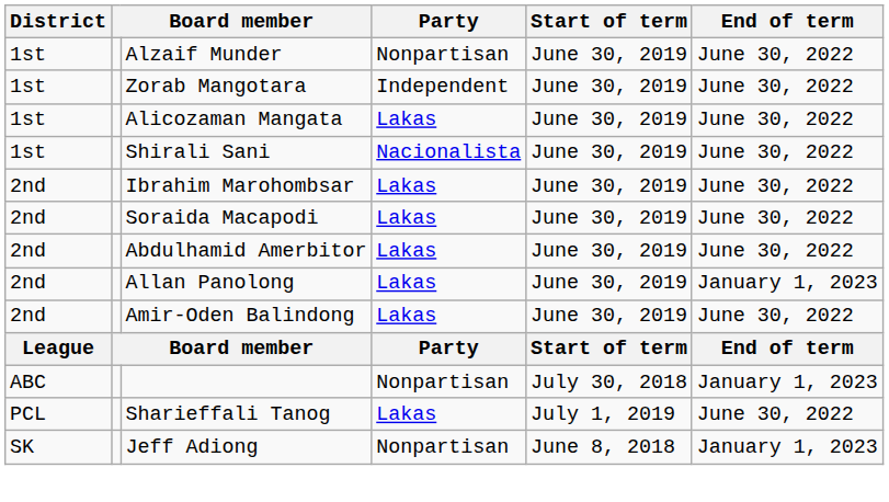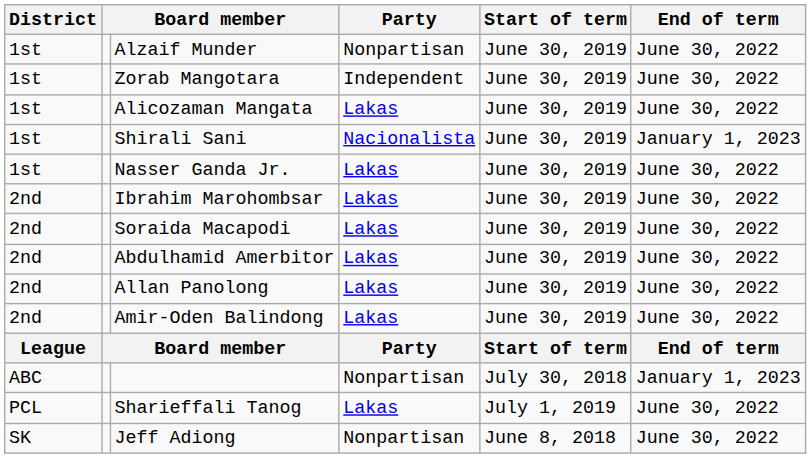 <table class="wikitable">
 <tr>
 <th>District</th>
 <th colspan="2">Board member</th>
 <th>Party</th>
 <th>Start of term</th>
 <th>End of term</th>
 </tr>
 <tr>
 <td>1st</td>
 <td></td>
 <td>Alzaif Munder</td>
 <td>Nonpartisan</td>
 <td>June 30, 2019</td>
 <td>June 30, 2022</td>
 </tr>
 <tr>
 <td>1st</td>
 <td></td>
 <td>Zorab Mangotara</td>
 <td>Independent</td>
 <td>June 30, 2019</td>
 <td>June 30, 2022</td>
 </tr>
 <tr>
 <td>1st</td>
 <td></td>
 <td>Alicozaman Mangata</td>
 <td><a href='#'>Lakas</a></td>
 <td>June 30, 2019</td>
 <td>June 30, 2022</td>
 </tr>
 <tr>
 <td>1st</td>
 <td></td>
 <td>Shirali Sani</td>
 <td><a href='#'>Nacionalista</a></td>
 <td>June 30, 2019</td>
+<td>January 1, 2023</td>
+</tr>
+<tr>
+<td>1st</td>
+<td></td>
+<td>Nasser Ganda Jr.</td>
+<td><a href='#'>Lakas</a></td>
+<td>June 30, 2019</td>
 <td>June 30, 2022</td>
 </tr>
 <tr>
 <td>2nd</td>
 <td></td>
 <td>Ibrahim Marohombsar</td>
 <td><a href='#'>Lakas</a></td>
 <td>June 30, 2019</td>
 <td>June 30, 2022</td>
 </tr>
 <tr>
 <td>2nd</td>
 <td></td>
 <td>Soraida Macapodi</td>
 <td><a href='#'>Lakas</a></td>
 <td>June 30, 2019</td>
 <td>June 30, 2022</td>
 </tr>
 <tr>
 <td>2nd</td>
 <td></td>
 <td>Abdulhamid Amerbitor</td>
 <td><a href='#'>Lakas</a></td>
 <td>June 30, 2019</td>
 <td>June 30, 2022</td>
 </tr>
 <tr>
 <td>2nd</td>
 <td></td>
 <td>Allan Panolong</td>
 <td><a href='#'>Lakas</a></td>
 <td>June 30, 2019</td>
-<td>January 1, 2023</td>
+<td>June 30, 2022</td>
 </tr>
 <tr>
 <td>2nd</td>
 <td></td>
 <td>Amir-Oden Balindong</td>
 <td><a href='#'>Lakas</a></td>
 <td>June 30, 2019</td>
 <td>June 30, 2022</td>
 </tr>
 <tr>
 <th>League</th>
 <th colspan="2">Board member</th>
 <th>Party</th>
 <th>Start of term</th>
 <th>End of term</th>
 </tr>
 <tr>
 <td>ABC</td>
 <td></td>
 <td></td>
 <td>Nonpartisan</td>
 <td>July 30, 2018</td>
 <td>January 1, 2023</td>
 </tr>
 <tr>
 <td>PCL</td>
 <td></td>
 <td>Sharieffali Tanog</td>
 <td><a href='#'>Lakas</a></td>
 <td>July 1, 2019</td>
 <td>June 30, 2022</td>
 </tr>
 <tr>
 <td>SK</td>
 <td></td>
 <td>Jeff Adiong</td>
 <td>Nonpartisan</td>
 <td>June 8, 2018</td>
-<td>January 1, 2023</td>
+<td>June 30, 2022</td>
 </tr>
 </table>
